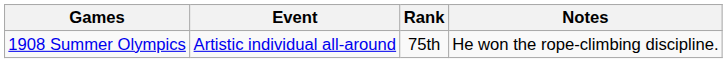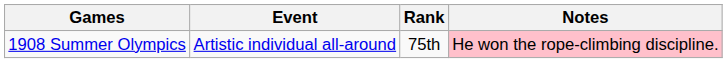 <table class="wikitable" style=" text-align:center;">
 <tr>
 <th>Games</th>
 <th>Event</th>
 <th>Rank</th>
 <th>Notes</th>
 </tr>
 <tr>
 <td><a href='#'>1908 Summer Olympics</a></td>
 <td><a href='#'>Artistic individual all-around</a></td>
 <td>75th</td>
-<td>He won the rope-climbing discipline.</td>
+<td style="background: pink;">He won the rope-climbing discipline.</td>
 </tr>
 </table>
